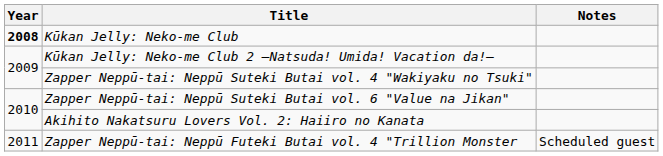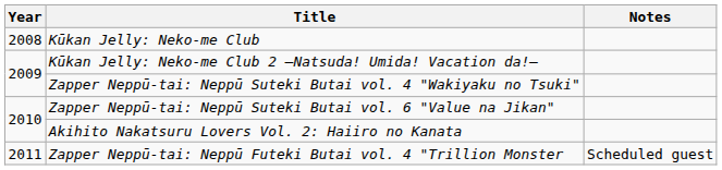 <table class="wikitable">
 <tr>
 <th>Year</th>
 <th>Title</th>
 <th>Notes</th>
 </tr>
 <tr>
-<td><strong>2008</strong></td>
+<td>2008</td>
 <td><em>Kūkan Jelly: Neko-me Club</em></td>
 <td></td>
 </tr>
 <tr>
 <td rowspan="2">2009</td>
 <td><em>Kūkan Jelly: Neko-me Club 2 –Natsuda! Umida! Vacation da!–</em></td>
 <td></td>
 </tr>
 <tr>
 <td><em>Zapper Neppū-tai: Neppū Suteki Butai vol. 4 "Wakiyaku no Tsuki"</em></td>
 <td></td>
 </tr>
 <tr>
 <td rowspan="2">2010</td>
 <td><em>Zapper Neppū-tai: Neppū Suteki Butai vol. 6 "Value na Jikan"</em></td>
 <td></td>
 </tr>
 <tr>
 <td><em>Akihito Nakatsuru Lovers Vol. 2: Haiiro no Kanata</em></td>
 <td></td>
 </tr>
 <tr>
 <td>2011</td>
 <td><em>Zapper Neppū-tai: Neppū Futeki Butai vol. 4 "Trillion Monster</em></td>
 <td>Scheduled guest</td>
 </tr>
 </table>
